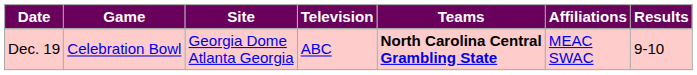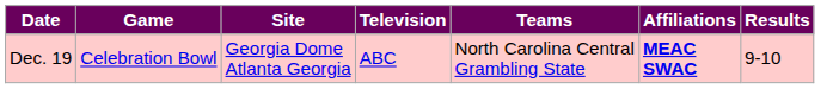 <table class="wikitable" style="font-size:90%;">
 <tr>
 <th colspan="1" style="background-color: #69005C; color:white; text-align: center;">Date</th>
 <th colspan="1" style="background-color: #69005C; color:white; text-align: center;">Game</th>
 <th colspan="1" style="background-color: #69005C; color:white; text-align: center;">Site</th>
 <th colspan="1" style="background-color: #69005C; color:white; text-align: center;">Television</th>
 <th colspan="1" style="background-color: #69005C; color:white; text-align: center;">Teams</th>
 <th colspan="1" style="background-color: #69005C; color:white; text-align: center;">Affiliations</th>
 <th colspan="1" style="background-color: #69005C; color:white; text-align: center;">Results</th>
 </tr>
 <tr>
 </tr>
 <tr bgcolor=#ffcccc>
 <td rowspan=2 style=white-space:nowrap>Dec. 19</td>
 <td><a href='#'>Celebration Bowl</a></td>
 <td><a href='#'>Georgia Dome</a><br><a href='#'>Atlanta Georgia</a><br></td>
 <td rowspan=3><a href='#'>ABC</a></td>
-<td><strong>North Carolina Central<br><a href='#'>Grambling State</a></strong></td>
-<td><a href='#'>MEAC</a><br><a href='#'>SWAC</a></td>
+<td>North Carolina Central<br><a href='#'>Grambling State</a></td>
+<td><strong><a href='#'>MEAC</a><br><a href='#'>SWAC</a></strong></td>
 <td>9-10</td>
 </tr>
 </table>
